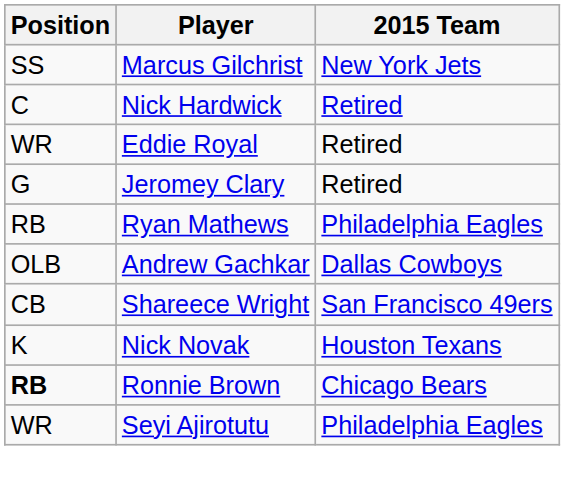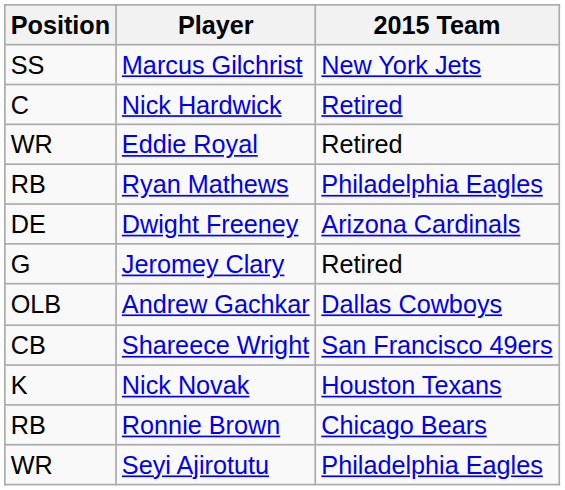 <table class="wikitable" style="font-size: 95%; text-align: left">
 <tr>
 <th>Position</th>
 <th>Player</th>
 <th>2015 Team</th>
 </tr>
 <tr>
 <td>SS</td>
 <td><a href='#'>Marcus Gilchrist</a></td>
 <td><a href='#'>New York Jets</a></td>
 </tr>
 <tr>
 <td>C</td>
 <td><a href='#'>Nick Hardwick</a></td>
 <td><a href='#'>Retired</a></td>
 </tr>
 <tr>
 <td>WR</td>
 <td><a href='#'>Eddie Royal</a></td>
 <td>Retired</td>
 </tr>
 <tr>
+<td>RB</td>
+<td><a href='#'>Ryan Mathews</a></td>
+<td><a href='#'>Philadelphia Eagles</a></td>
+</tr>
+<tr>
+<td>DE</td>
+<td><a href='#'>Dwight Freeney</a></td>
+<td><a href='#'>Arizona Cardinals</a></td>
+</tr>
+<tr>
 <td>G</td>
 <td><a href='#'>Jeromey Clary</a></td>
 <td>Retired</td>
-</tr>
-<tr>
-<td>RB</td>
-<td><a href='#'>Ryan Mathews</a></td>
-<td><a href='#'>Philadelphia Eagles</a></td>
 </tr>
 <tr>
 <td>OLB</td>
 <td><a href='#'>Andrew Gachkar</a></td>
 <td><a href='#'>Dallas Cowboys</a></td>
 </tr>
 <tr>
 <td>CB</td>
 <td><a href='#'>Shareece Wright</a></td>
 <td><a href='#'>San Francisco 49ers</a></td>
 </tr>
 <tr>
 <td>K</td>
 <td><a href='#'>Nick Novak</a></td>
 <td><a href='#'>Houston Texans</a></td>
 </tr>
 <tr>
-<td><strong>RB</strong></td>
+<td>RB</td>
 <td><a href='#'>Ronnie Brown</a></td>
 <td><a href='#'>Chicago Bears</a></td>
 </tr>
 <tr>
 <td>WR</td>
 <td><a href='#'>Seyi Ajirotutu</a></td>
 <td><a href='#'>Philadelphia Eagles</a></td>
 </tr>
 </table>
